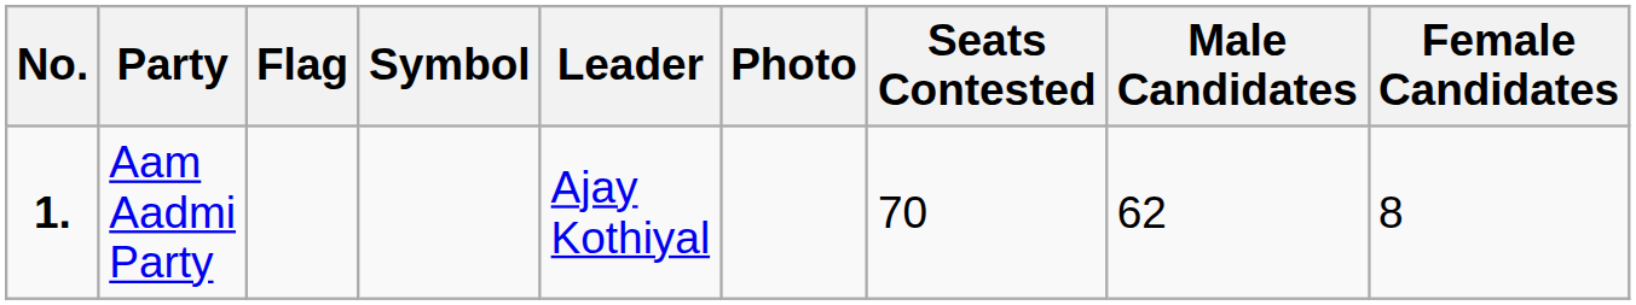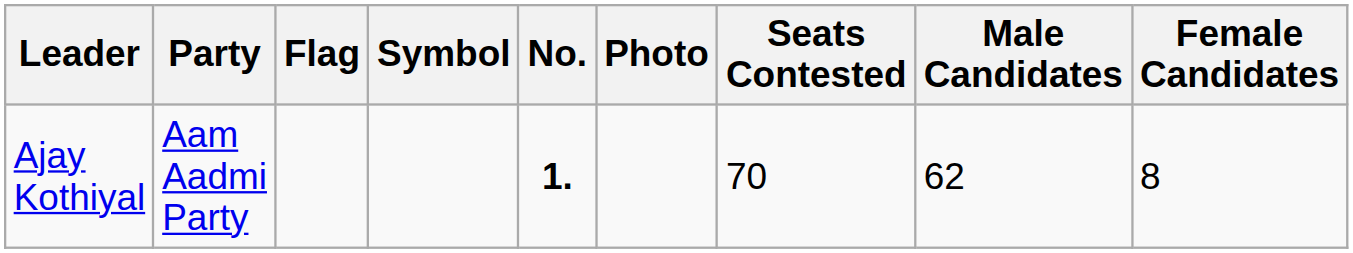 <table class="wikitable" " width="50%">
 <tr>
-<th>No.</th>
+<th>Leader</th>
 <th>Party</th>
 <th>Flag</th>
 <th>Symbol</th>
-<th>Leader</th>
+<th>No.</th>
 <th>Photo</th>
 <th>Seats Contested</th>
 <th>Male Candidates</th>
 <th>Female Candidates</th>
 </tr>
 <tr>
-<td ! style="text-align:center; background:"><strong>1.</strong></td>
+<td><a href='#'>Ajay Kothiyal</a></td>
 <td><a href='#'>Aam Aadmi Party</a></td>
 <td></td>
 <td></td>
-<td><a href='#'>Ajay Kothiyal</a></td>
+<td ! style="text-align:center; background:"><strong>1.</strong></td>
 <td></td>
 <td>70</td>
 <td>62</td>
 <td>8</td>
 </tr>
 </table>
